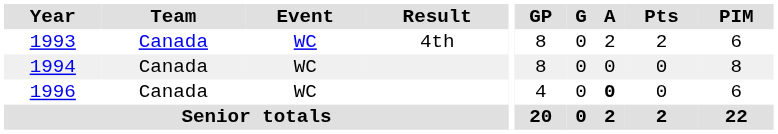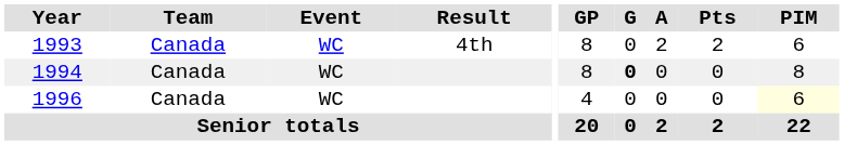 <table border="0" cellpadding="1" cellspacing="0" ID="Table3" style="text-align:center; width:40em">
 <tr ALIGN="center" bgcolor="#e0e0e0">
 <th>Year</th>
 <th>Team</th>
 <th>Event</th>
 <th>Result</th>
 <th rowspan="99" bgcolor="#ffffff"></th>
 <th>GP</th>
 <th>G</th>
 <th>A</th>
 <th>Pts</th>
 <th>PIM</th>
 </tr>
 <tr>
 <td><a href='#'>1993</a></td>
 <td><a href='#'>Canada</a></td>
 <td><a href='#'>WC</a></td>
 <td>4th</td>
 <td>8</td>
 <td>0</td>
 <td>2</td>
 <td>2</td>
 <td>6</td>
 </tr>
 <tr bgcolor="#f0f0f0">
 <td><a href='#'>1994</a></td>
 <td>Canada</td>
 <td>WC</td>
 <td></td>
 <td>8</td>
-<td>0</td>
+<td><strong>0</strong></td>
 <td>0</td>
 <td>0</td>
 <td>8</td>
 </tr>
 <tr>
 <td><a href='#'>1996</a></td>
 <td>Canada</td>
 <td>WC</td>
 <td></td>
 <td>4</td>
 <td>0</td>
-<td><strong>0</strong></td>
 <td>0</td>
-<td>6</td>
+<td>0</td>
+<td style="background: lightyellow;">6</td>
 </tr>
 <tr bgcolor="#e0e0e0">
 <th colspan="4">Senior totals</th>
 <th>20</th>
 <th>0</th>
 <th>2</th>
 <th>2</th>
 <th>22</th>
 </tr>
 </table>
